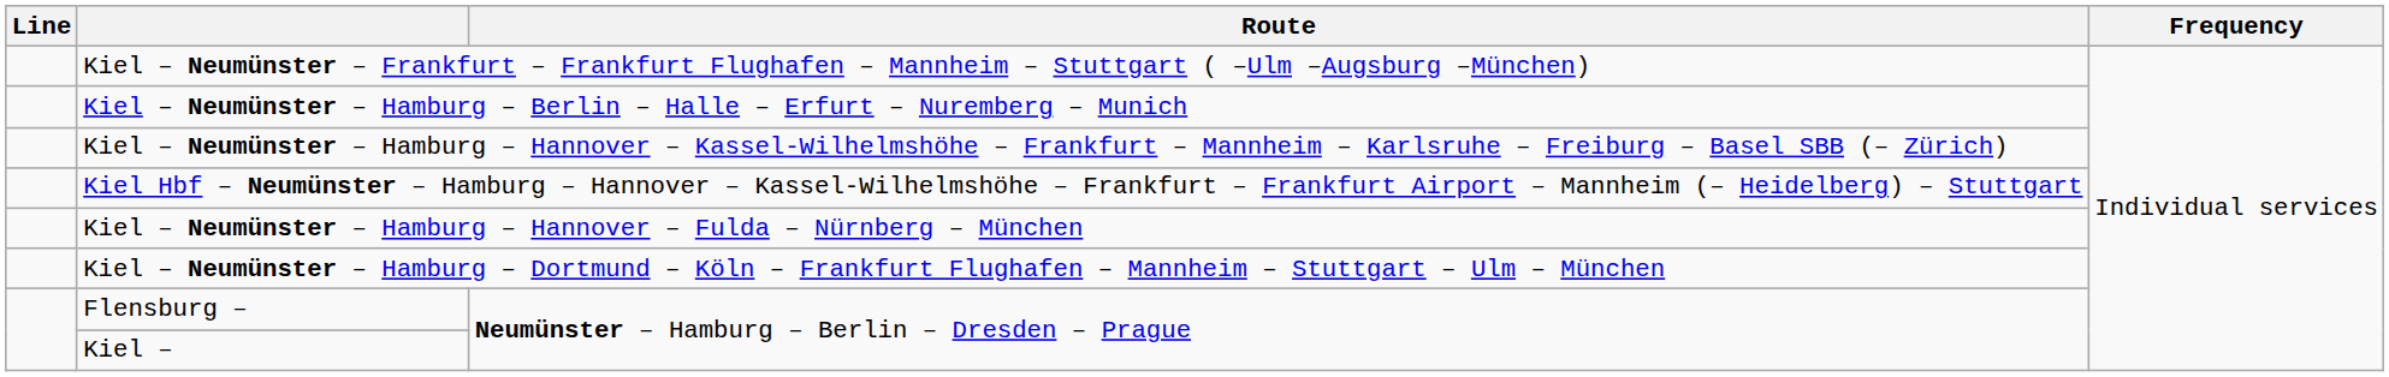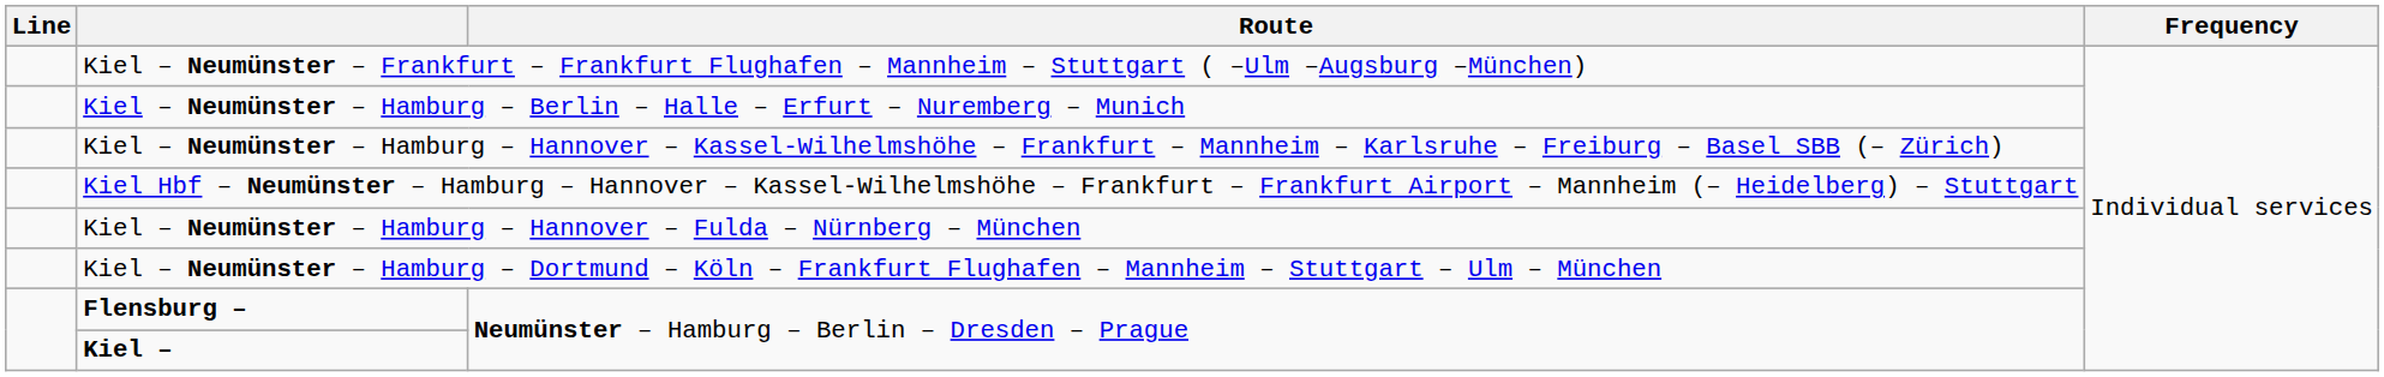 <table class="wikitable">
 <tr>
 <th>Line</th>
 <th></th>
 <th>Route</th>
 <th>Frequency</th>
 </tr>
 <tr>
 <td></td>
 <td colspan="2">Kiel – <strong>Neumünster</strong> – <a href='#'>Frankfurt</a> – <a href='#'>Frankfurt Flughafen</a> – <a href='#'>Mannheim</a> – <a href='#'>Stuttgart</a> ( –<a href='#'>Ulm</a> –<a href='#'>Augsburg</a> –<a href='#'>München</a>)</td>
 <td rowspan="8">Individual services</td>
 </tr>
 <tr>
 <td></td>
 <td colspan="2"><a href='#'>Kiel</a> – <strong>Neumünster</strong> – <a href='#'>Hamburg</a> – <a href='#'>Berlin</a> – <a href='#'>Halle</a> – <a href='#'>Erfurt</a> – <a href='#'>Nuremberg</a> – <a href='#'>Munich</a></td>
 </tr>
 <tr>
 <td></td>
 <td colspan="2">Kiel – <strong>Neumünster</strong> – Hamburg – <a href='#'>Hannover</a> – <a href='#'>Kassel-Wilhelmshöhe</a> – <a href='#'>Frankfurt</a> – <a href='#'>Mannheim</a> – <a href='#'>Karlsruhe</a> – <a href='#'>Freiburg</a> – <a href='#'>Basel SBB</a> (– <a href='#'>Zürich</a>)</td>
 </tr>
 <tr>
 <td></td>
 <td colspan="2"><a href='#'>Kiel Hbf</a> – <strong>Neumünster</strong> – Hamburg – Hannover – Kassel-Wilhelmshöhe – Frankfurt – <a href='#'>Frankfurt Airport</a> – Mannheim (– <a href='#'>Heidelberg</a>) – <a href='#'>Stuttgart</a></td>
 </tr>
 <tr>
 <td></td>
 <td colspan="2">Kiel – <strong>Neumünster</strong> – <a href='#'>Hamburg</a> – <a href='#'>Hannover</a> – <a href='#'>Fulda</a> – <a href='#'>Nürnberg</a> – <a href='#'>München</a></td>
 </tr>
 <tr>
 <td></td>
 <td colspan="2">Kiel – <strong>Neumünster</strong> – <a href='#'>Hamburg</a> – <a href='#'>Dortmund</a> – <a href='#'>Köln</a> – <a href='#'>Frankfurt Flughafen</a> – <a href='#'>Mannheim</a> – <a href='#'>Stuttgart</a> – <a href='#'>Ulm</a> – <a href='#'>München</a></td>
 </tr>
 <tr>
 <td rowspan="2"></td>
-<td>Flensburg –</td>
+<td><strong>Flensburg –</strong></td>
 <td rowspan="2"><strong>Neumünster</strong> – Hamburg – Berlin – <a href='#'>Dresden</a> – <a href='#'>Prague</a></td>
 </tr>
 <tr>
-<td>Kiel –</td>
+<td><strong>Kiel –</strong></td>
 </tr>
 </table>
